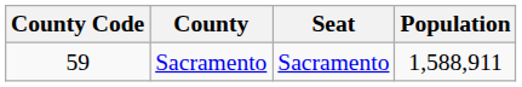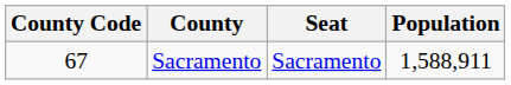 <table class="wikitable sortable" style="text-align:center;">
 <tr>
 <th> County Code</th>
 <th>County</th>
 <th>Seat</th>
 <th>Population</th>
 </tr>
 <tr>
-<td>59</td>
+<td>67</td>
 <td><a href='#'>Sacramento</a></td>
 <td><a href='#'>Sacramento</a></td>
 <td>1,588,911</td>
 </tr>
 </table>
